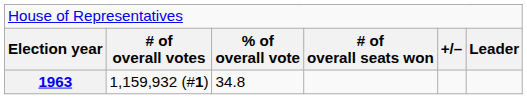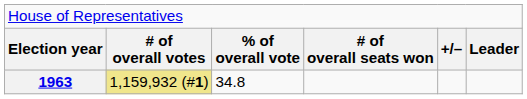 <table class=wikitable>
 <tr>
 <td colspan=7><a href='#'>House of Representatives</a></td>
 </tr>
 <tr>
 <th>Election year</th>
 <th># of<br>overall votes</th>
 <th>% of<br>overall vote</th>
 <th># of<br>overall seats won</th>
 <th>+/–</th>
 <th>Leader</th>
 </tr>
 <tr>
 <th><a href='#'>1963</a></th>
-<td>1,159,932 (#<strong>1</strong>)</td>
+<td style="background: khaki;">1,159,932 (#<strong>1</strong>)</td>
 <td>34.8</td>
 <td></td>
 <td></td>
 <td></td>
 </tr>
 </table>
